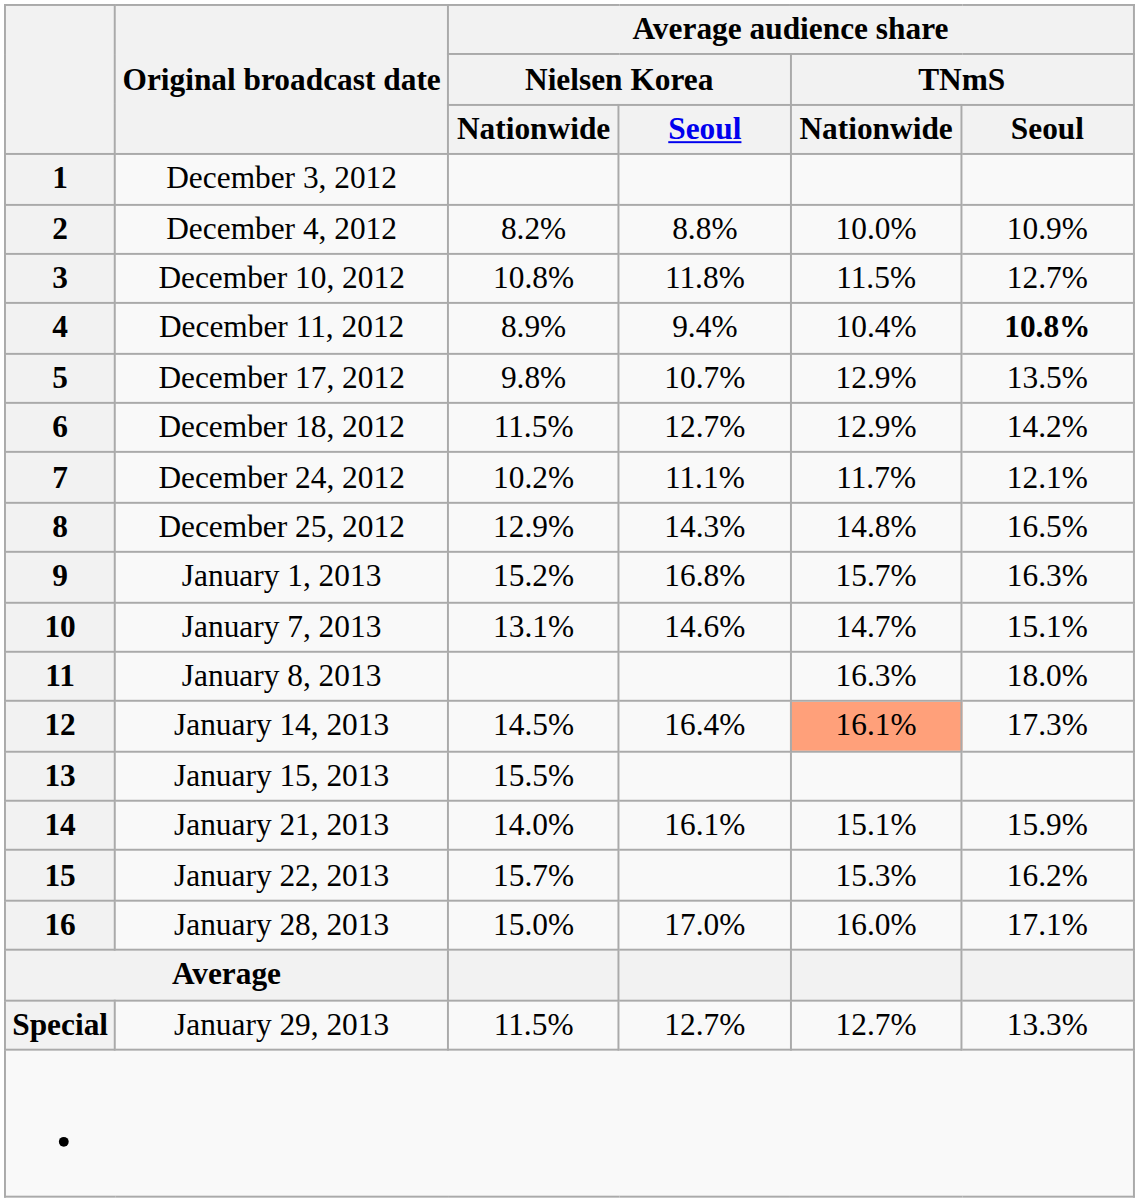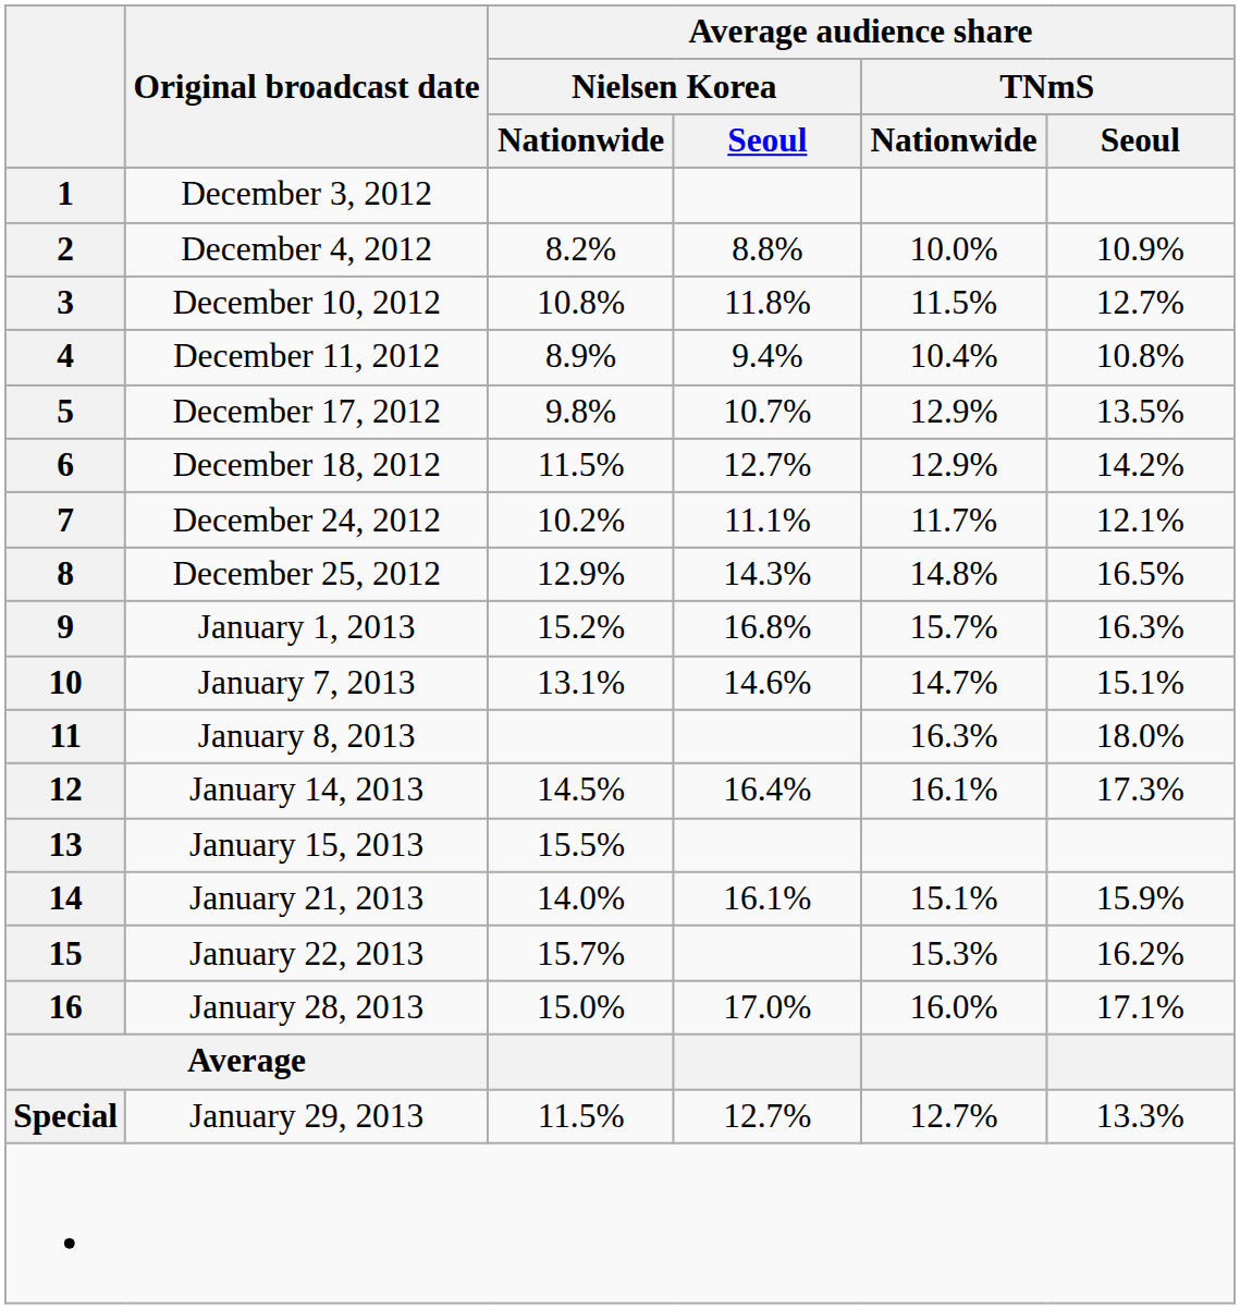 <table class="wikitable" style="text-align:center">
 <tr>
 <th rowspan="3"></th>
 <th rowspan="3">Original broadcast date</th>
 <th colspan="4">Average audience share</th>
 </tr>
 <tr>
 <th colspan="2">Nielsen Korea</th>
 <th colspan="2">TNmS</th>
 </tr>
 <tr>
 <th width="80">Nationwide</th>
 <th width="80"><a href='#'>Seoul</a></th>
 <th width="80">Nationwide</th>
 <th width="80">Seoul</th>
 </tr>
 <tr>
 <th>1</th>
 <td>December 3, 2012</td>
 <td><strong></strong></td>
 <td><strong></strong></td>
 <td><strong></strong></td>
 <td><strong></strong></td>
 </tr>
 <tr>
 <th>2</th>
 <td>December 4, 2012</td>
 <td>8.2%</td>
 <td>8.8%</td>
 <td>10.0%</td>
 <td>10.9%</td>
 </tr>
 <tr>
 <th>3</th>
 <td>December 10, 2012</td>
 <td>10.8%</td>
 <td>11.8%</td>
 <td>11.5%</td>
 <td>12.7%</td>
 </tr>
 <tr>
 <th>4</th>
 <td>December 11, 2012</td>
 <td>8.9%</td>
 <td>9.4%</td>
 <td>10.4%</td>
-<td><strong>10.8%</strong></td>
+<td>10.8%</td>
 </tr>
 <tr>
 <th>5</th>
 <td>December 17, 2012</td>
 <td>9.8%</td>
 <td>10.7%</td>
 <td>12.9%</td>
 <td>13.5%</td>
 </tr>
 <tr>
 <th>6</th>
 <td>December 18, 2012</td>
 <td>11.5%</td>
 <td>12.7%</td>
 <td>12.9%</td>
 <td>14.2%</td>
 </tr>
 <tr>
 <th>7</th>
 <td>December 24, 2012</td>
 <td>10.2%</td>
 <td>11.1%</td>
 <td>11.7%</td>
 <td>12.1%</td>
 </tr>
 <tr>
 <th>8</th>
 <td>December 25, 2012</td>
 <td>12.9%</td>
 <td>14.3%</td>
 <td>14.8%</td>
 <td>16.5%</td>
 </tr>
 <tr>
 <th>9</th>
 <td>January 1, 2013</td>
 <td>15.2%</td>
 <td>16.8%</td>
 <td>15.7%</td>
 <td>16.3%</td>
 </tr>
 <tr>
 <th>10</th>
 <td>January 7, 2013</td>
 <td>13.1%</td>
 <td>14.6%</td>
 <td>14.7%</td>
 <td>15.1%</td>
 </tr>
 <tr>
 <th>11</th>
 <td>January 8, 2013</td>
 <td><strong></strong></td>
 <td><strong></strong></td>
 <td>16.3%</td>
 <td>18.0%</td>
 </tr>
 <tr>
 <th>12</th>
 <td>January 14, 2013</td>
 <td>14.5%</td>
 <td>16.4%</td>
-<td style="background: lightsalmon;">16.1%</td>
+<td>16.1%</td>
 <td>17.3%</td>
 </tr>
 <tr>
 <th>13</th>
 <td>January 15, 2013</td>
 <td>15.5%</td>
 <td><strong></strong></td>
 <td><strong></strong></td>
 <td><strong></strong></td>
 </tr>
 <tr>
 <th>14</th>
 <td>January 21, 2013</td>
 <td>14.0%</td>
 <td>16.1%</td>
 <td>15.1%</td>
 <td>15.9%</td>
 </tr>
 <tr>
 <th>15</th>
 <td>January 22, 2013</td>
 <td>15.7%</td>
 <td><strong></strong></td>
 <td>15.3%</td>
 <td>16.2%</td>
 </tr>
 <tr>
 <th>16</th>
 <td>January 28, 2013</td>
 <td>15.0%</td>
 <td>17.0%</td>
 <td>16.0%</td>
 <td>17.1%</td>
 </tr>
 <tr>
 <th colspan="2">Average</th>
 <th></th>
 <th></th>
 <th></th>
 <th></th>
 </tr>
 <tr>
 <th>Special</th>
 <td>January 29, 2013</td>
 <td>11.5%</td>
 <td>12.7%</td>
 <td>12.7%</td>
 <td>13.3%</td>
 </tr>
 <tr>
 <td colspan="6"><br><ul><li></li></ul></td>
 </tr>
 </table>
